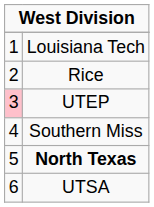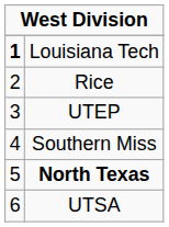 <table class="wikitable">
 <tr align="center">
 <td align="center" Colspan="2"><strong>West Division</strong></td>
 </tr>
 <tr align="center">
 </tr>
 <tr align="center">
-<td>1</td>
+<td><strong>1</strong></td>
 <td>Louisiana Tech</td>
 </tr>
 <tr align="center">
 <td>2</td>
 <td>Rice</td>
 </tr>
 <tr align="center">
-<td style="background: pink;">3</td>
+<td>3</td>
 <td>UTEP</td>
 </tr>
 <tr align="center">
 <td>4</td>
 <td>Southern Miss</td>
 </tr>
 <tr align="center">
 <td>5</td>
 <td><strong>North Texas</strong></td>
 </tr>
 <tr align="center">
 <td>6</td>
 <td>UTSA</td>
 </tr>
 </table>
